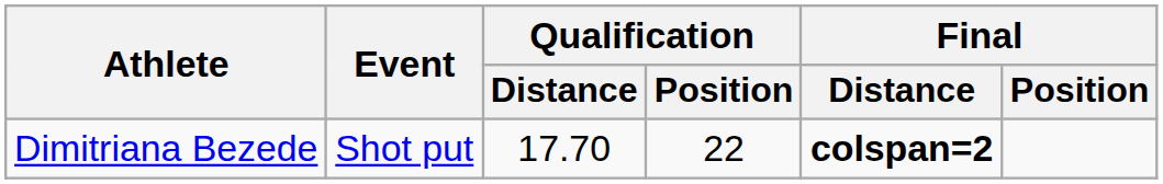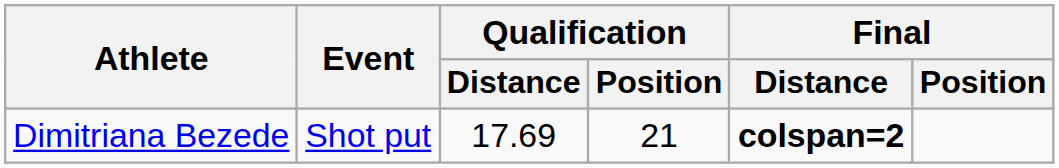 <table class=wikitable style=font-size:90%>
 <tr>
 <th rowspan=2>Athlete</th>
 <th rowspan=2>Event</th>
 <th colspan=2>Qualification</th>
 <th colspan=2>Final</th>
 </tr>
 <tr style=font-size:95%>
 <th>Distance</th>
 <th>Position</th>
 <th>Distance</th>
 <th>Position</th>
 </tr>
 <tr align=center>
 <td align=left><a href='#'>Dimitriana Bezede</a></td>
 <td align=left><a href='#'>Shot put</a></td>
-<td>17.70</td>
-<td>22</td>
+<td>17.69</td>
+<td>21</td>
 <td><strong>colspan=2 </strong></td>
 </tr>
 </table>
